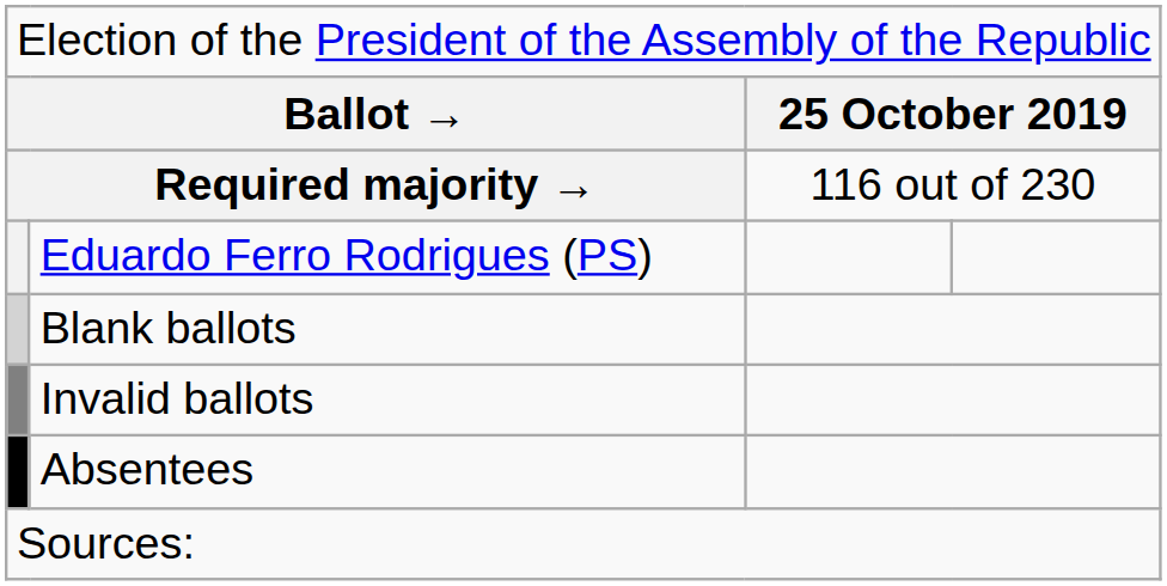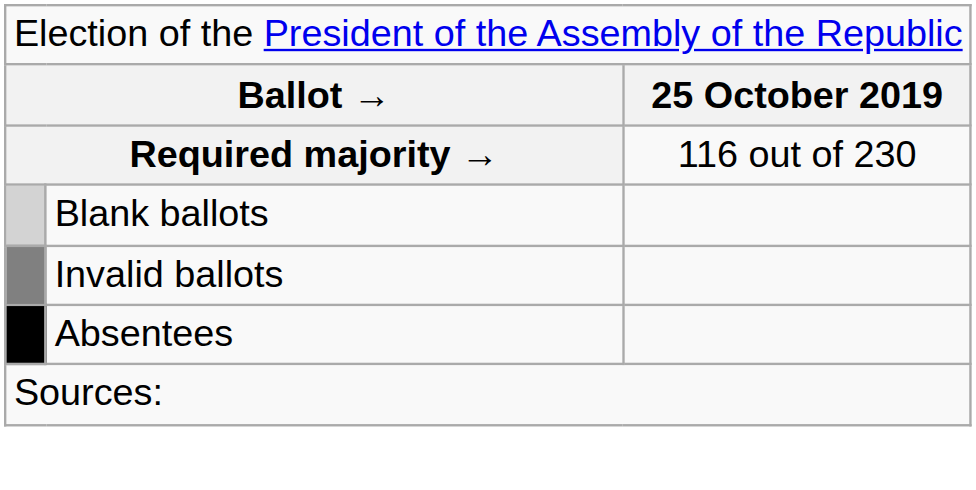 <table class="wikitable" style="text-align:center;">
 <tr>
 <td colspan="4" align="center">Election of the <a href='#'>President of the Assembly of the Republic</a></td>
 </tr>
 <tr>
 <th colspan="2" width="225px">Ballot →</th>
 <th colspan="2">25 October 2019</th>
 </tr>
 <tr>
 <th colspan="2">Required majority →</th>
 <td colspan="2">116 out of 230</td>
-</tr>
-<tr>
-<th width="1px" style="background:"></th>
-<td align="left"><a href='#'>Eduardo Ferro Rodrigues</a> (<a href='#'>PS</a>)</td>
-<td></td>
-<td></td>
 </tr>
 <tr>
 <th style="background:lightgray;"></th>
 <td align="left">Blank ballots</td>
 <td colspan="2"></td>
 </tr>
 <tr>
 <th style="background:gray;"></th>
 <td align="left">Invalid ballots</td>
 <td colspan="2"></td>
 </tr>
 <tr>
 <th style="background:black;"></th>
 <td align="left">Absentees</td>
 <td colspan="2"></td>
 </tr>
 <tr>
 <td align="left" colspan="4">Sources: </td>
 </tr>
 </table>
